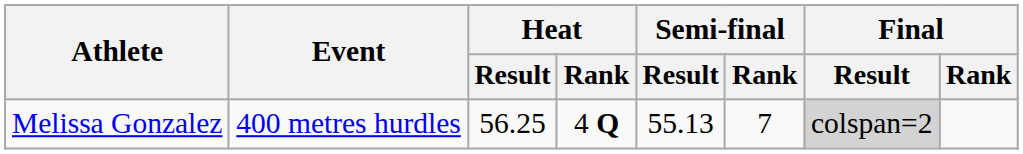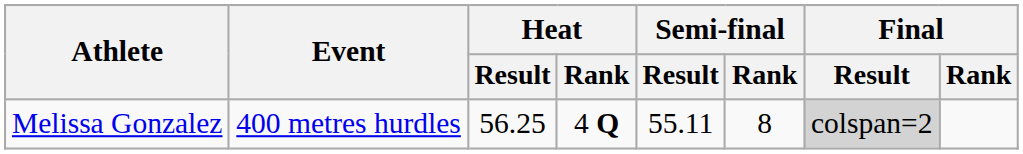 <table class="wikitable" style="font-size:90%">
 <tr>
 <th rowspan="2">Athlete</th>
 <th rowspan="2">Event</th>
 <th colspan="2">Heat</th>
 <th colspan="2">Semi-final</th>
 <th colspan="2">Final</th>
 </tr>
 <tr style="font-size:95%">
 <th>Result</th>
 <th>Rank</th>
 <th>Result</th>
 <th>Rank</th>
 <th>Result</th>
 <th>Rank</th>
 </tr>
 <tr align=center>
 <td align=left><a href='#'>Melissa Gonzalez</a></td>
 <td align=left><a href='#'>400 metres hurdles</a></td>
 <td>56.25</td>
 <td>4 <strong>Q</strong></td>
-<td>55.13</td>
-<td>7</td>
+<td>55.11</td>
+<td>8</td>
 <td style="background: lightgrey;">colspan=2 </td>
 </tr>
 </table>
